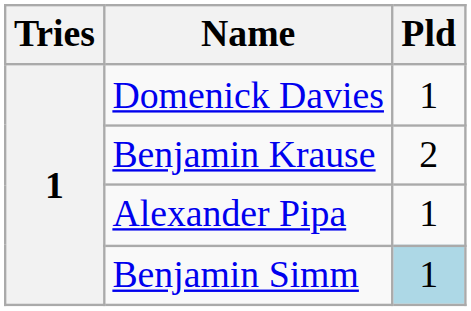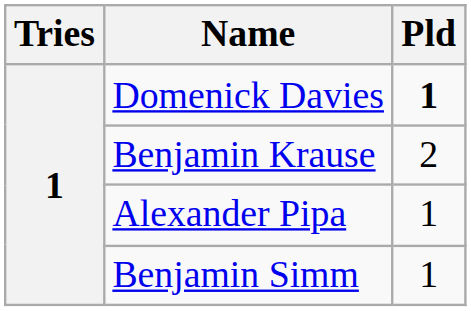 <table class="wikitable">
 <tr>
 <th>Tries</th>
 <th>Name</th>
 <th>Pld</th>
 </tr>
 <tr>
 <th rowspan=4>1</th>
 <td><a href='#'>Domenick Davies</a></td>
-<td align="center">1</td>
+<td align="center"><strong>1</strong></td>
 </tr>
 <tr>
 <td><a href='#'>Benjamin Krause</a></td>
 <td align="center">2</td>
 </tr>
 <tr>
 <td><a href='#'>Alexander Pipa</a></td>
 <td align="center">1</td>
 </tr>
 <tr>
 <td><a href='#'>Benjamin Simm</a></td>
-<td align="center" style="background: lightblue;">1</td>
+<td align="center">1</td>
 </tr>
 </table>
